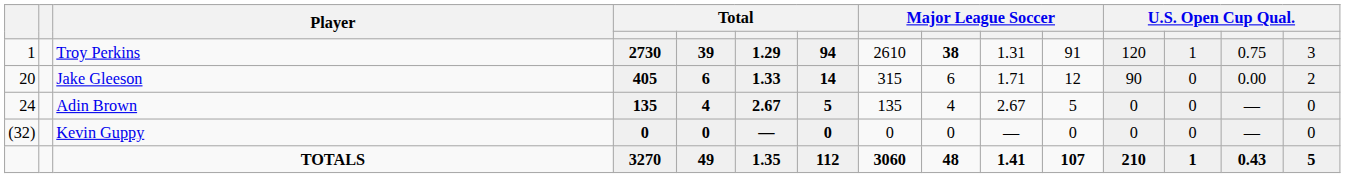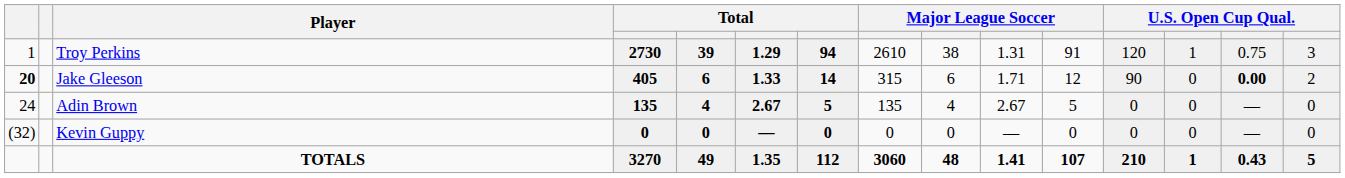 <table class="wikitable" style="font-size:95%; text-align:center;">
 <tr>
 <th rowspan="2" width="1%"></th>
 <th rowspan="2" width="1%"></th>
 <th rowspan="2" width="42%">Player</th>
 <th colspan="4">Total</th>
 <th colspan="4"><a href='#'>Major League Soccer</a></th>
 <th colspan="4"><a href='#'>U.S. Open Cup Qual.</a></th>
 </tr>
 <tr>
 <th width=60></th>
 <th width=60></th>
 <th width=60></th>
 <th width=60></th>
 <th width=60></th>
 <th width=60></th>
 <th width=60></th>
 <th width=60></th>
 <th width=60></th>
 <th width=60></th>
 <th width=60></th>
 <th width=60></th>
 </tr>
 <tr>
 <td style="text-align: right;">1</td>
 <td></td>
 <td style="text-align: left;"><a href='#'>Troy Perkins</a></td>
 <td style="background: #F0F0F0;"><strong>2730</strong></td>
 <td style="background: #F0F0F0;"><strong>39</strong></td>
 <td style="background: #F0F0F0;"><strong>1.29</strong></td>
 <td style="background: #F0F0F0;"><strong>94</strong></td>
 <td>2610</td>
-<td><strong>38</strong></td>
+<td>38</td>
 <td>1.31</td>
 <td>91</td>
 <td style="background: #F0F0F0;">120</td>
 <td style="background: #F0F0F0;">1</td>
 <td style="background: #F0F0F0;">0.75</td>
 <td style="background: #F0F0F0;">3</td>
 </tr>
 <tr>
-<td style="text-align: right;">20</td>
+<td style="text-align: right;"><strong>20</strong></td>
 <td></td>
 <td style="text-align: left;"><a href='#'>Jake Gleeson</a></td>
 <td style="background: #F0F0F0;"><strong>405</strong></td>
 <td style="background: #F0F0F0;"><strong>6</strong></td>
 <td style="background: #F0F0F0;"><strong>1.33</strong></td>
 <td style="background: #F0F0F0;"><strong>14</strong></td>
 <td>315</td>
 <td>6</td>
 <td>1.71</td>
 <td>12</td>
 <td style="background: #F0F0F0;">90</td>
 <td style="background: #F0F0F0;">0</td>
-<td style="background: #F0F0F0;">0.00</td>
+<td style="background: #F0F0F0;"><strong>0.00</strong></td>
 <td style="background: #F0F0F0;">2</td>
 </tr>
 <tr>
 <td style="text-align: right;">24</td>
 <td></td>
 <td style="text-align: left;"><a href='#'>Adin Brown</a></td>
 <td style="background: #F0F0F0;"><strong>135</strong></td>
 <td style="background: #F0F0F0;"><strong>4</strong></td>
 <td style="background: #F0F0F0;"><strong>2.67</strong></td>
 <td style="background: #F0F0F0;"><strong>5</strong></td>
 <td>135</td>
 <td>4</td>
 <td>2.67</td>
 <td>5</td>
 <td style="background: #F0F0F0;">0</td>
 <td style="background: #F0F0F0;">0</td>
 <td style="background: #F0F0F0;">—</td>
 <td style="background: #F0F0F0;">0</td>
 </tr>
 <tr>
 <td style="text-align: right;">(32)</td>
 <td></td>
 <td style="text-align: left;"><a href='#'>Kevin Guppy</a></td>
 <td style="background: #F0F0F0;"><strong>0</strong></td>
 <td style="background: #F0F0F0;"><strong>0</strong></td>
 <td style="background: #F0F0F0;"><strong>—</strong></td>
 <td style="background: #F0F0F0;"><strong>0</strong></td>
 <td>0</td>
 <td>0</td>
 <td>—</td>
 <td>0</td>
 <td style="background: #F0F0F0;">0</td>
 <td style="background: #F0F0F0;">0</td>
 <td style="background: #F0F0F0;">—</td>
 <td style="background: #F0F0F0;">0</td>
 </tr>
 <tr>
 <td></td>
 <td></td>
 <td><strong>TOTALS</strong></td>
 <td style="background: #F0F0F0;"><strong>3270</strong></td>
 <td style="background: #F0F0F0;"><strong>49</strong></td>
 <td style="background: #F0F0F0;"><strong>1.35</strong></td>
 <td style="background: #F0F0F0;"><strong>112</strong></td>
 <td><strong>3060</strong></td>
 <td><strong>48</strong></td>
 <td><strong>1.41</strong></td>
 <td><strong>107</strong></td>
 <td style="background: #F0F0F0;"><strong>210</strong></td>
 <td style="background: #F0F0F0;"><strong>1</strong></td>
 <td style="background: #F0F0F0;"><strong>0.43</strong></td>
 <td style="background: #F0F0F0;"><strong>5</strong></td>
 </tr>
 </table>
